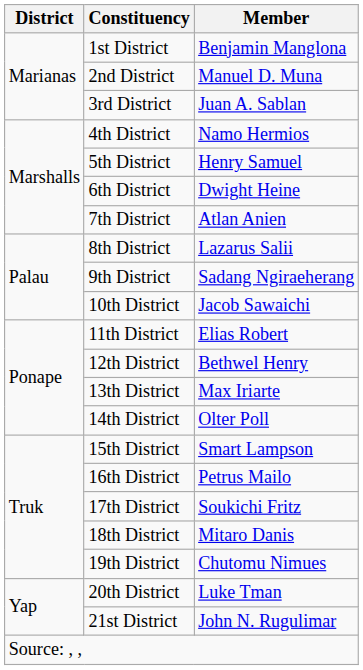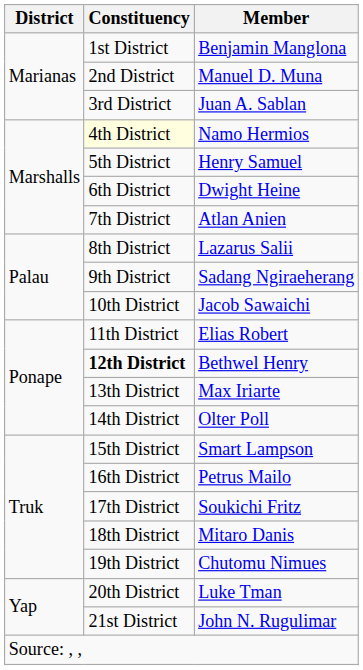 <table class=wikitable>
 <tr>
 <th>District</th>
 <th>Constituency</th>
 <th>Member</th>
 </tr>
 <tr>
 <td rowspan=3>Marianas</td>
 <td>1st District</td>
 <td colspan=2><a href='#'>Benjamin Manglona</a></td>
 </tr>
 <tr>
 <td>2nd District</td>
 <td colspan=2><a href='#'>Manuel D. Muna</a></td>
 </tr>
 <tr>
 <td>3rd District</td>
 <td colspan=2><a href='#'>Juan A. Sablan</a></td>
 </tr>
 <tr>
 <td rowspan=4>Marshalls</td>
-<td>4th District</td>
+<td style="background: lightyellow;">4th District</td>
 <td colspan=2><a href='#'>Namo Hermios</a></td>
 </tr>
 <tr>
 <td>5th District</td>
 <td colspan=2><a href='#'>Henry Samuel</a></td>
 </tr>
 <tr>
 <td>6th District</td>
 <td colspan=2><a href='#'>Dwight Heine</a></td>
 </tr>
 <tr>
 <td>7th District</td>
 <td colspan=2><a href='#'>Atlan Anien</a></td>
 </tr>
 <tr>
 <td rowspan=3>Palau</td>
 <td>8th District</td>
 <td colspan=2><a href='#'>Lazarus Salii</a></td>
 </tr>
 <tr>
 <td>9th District</td>
 <td colspan=2><a href='#'>Sadang Ngiraeherang</a></td>
 </tr>
 <tr>
 <td>10th District</td>
 <td colspan=2><a href='#'>Jacob Sawaichi</a></td>
 </tr>
 <tr>
 <td rowspan=4>Ponape</td>
 <td>11th District</td>
 <td colspan=2><a href='#'>Elias Robert</a></td>
 </tr>
 <tr>
-<td>12th District</td>
+<td><strong>12th District</strong></td>
 <td colspan=2><a href='#'>Bethwel Henry</a></td>
 </tr>
 <tr>
 <td>13th District</td>
 <td colspan=2><a href='#'>Max Iriarte</a></td>
 </tr>
 <tr>
 <td>14th District</td>
 <td colspan=2><a href='#'>Olter Poll</a></td>
 </tr>
 <tr>
 <td rowspan=5>Truk</td>
 <td>15th District</td>
 <td colspan=2><a href='#'>Smart Lampson</a></td>
 </tr>
 <tr>
 <td>16th District</td>
 <td colspan=2><a href='#'>Petrus Mailo</a></td>
 </tr>
 <tr>
 <td>17th District</td>
 <td colspan=2><a href='#'>Soukichi Fritz</a></td>
 </tr>
 <tr>
 <td>18th District</td>
 <td colspan=2><a href='#'>Mitaro Danis</a></td>
 </tr>
 <tr>
 <td>19th District</td>
 <td colspan=2><a href='#'>Chutomu Nimues</a></td>
 </tr>
 <tr>
 <td rowspan=2>Yap</td>
 <td>20th District</td>
 <td colspan=2><a href='#'>Luke Tman</a></td>
 </tr>
 <tr>
 <td>21st District</td>
 <td colspan=2><a href='#'>John N. Rugulimar</a></td>
 </tr>
 <tr>
 <td colspan=4>Source: , , </td>
 </tr>
 </table>
